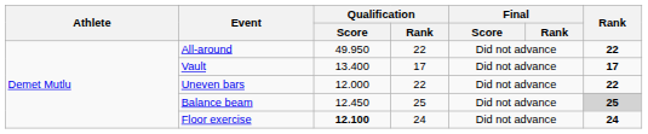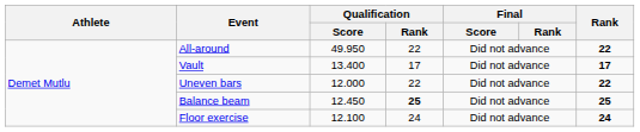 <table class="wikitable" width="65%" style="text-align:center; font-size:90%">
 <tr>
 <th rowspan="2" width="18%">Athlete</th>
 <th rowspan="2" width="14%">Event</th>
 <th colspan="2" width="14%">Qualification</th>
 <th colspan="2" width="14%">Final</th>
 <th rowspan="2" width="6%">Rank</th>
 </tr>
 <tr>
 <th width="8%">Score</th>
 <th>Rank</th>
 <th width="8%">Score</th>
 <th>Rank</th>
 </tr>
 <tr>
 <td rowspan=5 align="left"><a href='#'>Demet Mutlu</a></td>
 <td align="left"><a href='#'>All-around</a></td>
 <td>49.950</td>
 <td>22</td>
 <td colspan=2>Did not advance</td>
 <td><strong>22</strong></td>
 </tr>
 <tr>
 <td align="left"><a href='#'>Vault</a></td>
 <td>13.400</td>
 <td>17</td>
 <td colspan=2>Did not advance</td>
 <td><strong>17</strong></td>
 </tr>
 <tr>
 <td align="left"><a href='#'>Uneven bars</a></td>
 <td>12.000</td>
 <td>22</td>
 <td colspan=2>Did not advance</td>
 <td><strong>22</strong></td>
 </tr>
 <tr>
 <td align="left"><a href='#'>Balance beam</a></td>
 <td>12.450</td>
-<td>25</td>
+<td><strong>25</strong></td>
 <td colspan=2>Did not advance</td>
-<td style="background: lightgrey;"><strong>25</strong></td>
+<td><strong>25</strong></td>
 </tr>
 <tr>
 <td align="left"><a href='#'>Floor exercise</a></td>
-<td><strong>12.100</strong></td>
+<td>12.100</td>
 <td>24</td>
 <td colspan=2>Did not advance</td>
 <td><strong>24</strong></td>
 </tr>
 </table>
